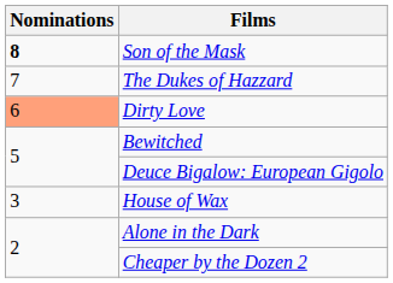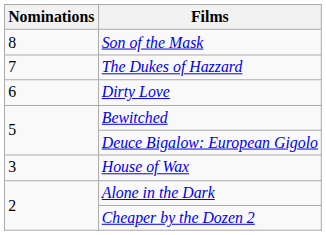 <table class="wikitable">
 <tr>
 <th>Nominations</th>
 <th>Films</th>
 </tr>
 <tr>
-<td><strong>8</strong></td>
+<td>8</td>
 <td><em><a href='#'>Son of the Mask</a></em></td>
 </tr>
 <tr>
 <td>7</td>
 <td><a href='#'><em>The Dukes of Hazzard</em></a></td>
 </tr>
 <tr>
-<td style="background: lightsalmon;">6</td>
+<td>6</td>
 <td><a href='#'><em>Dirty Love</em></a></td>
 </tr>
 <tr>
 <td rowspan="2">5</td>
 <td><a href='#'><em>Bewitched</em></a></td>
 </tr>
 <tr>
 <td><em><a href='#'>Deuce Bigalow: European Gigolo</a></em></td>
 </tr>
 <tr>
 <td>3</td>
 <td><a href='#'><em>House of Wax</em></a></td>
 </tr>
 <tr>
 <td rowspan="2">2</td>
 <td><a href='#'><em>Alone in the Dark</em></a></td>
 </tr>
 <tr>
 <td><em><a href='#'>Cheaper by the Dozen 2</a></em></td>
 </tr>
 </table>
